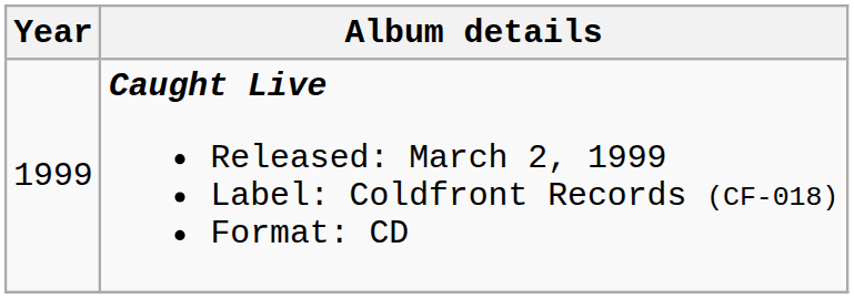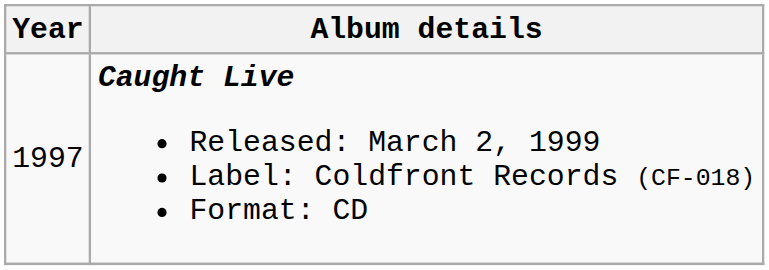 <table class="wikitable">
 <tr>
 <th rowspan="1">Year</th>
 <th rowspan="1">Album details</th>
 </tr>
 <tr>
-<td>1999</td>
+<td>1997</td>
 <td><strong><em>Caught Live</em></strong><br><ul><li>Released: March 2, 1999</li><li>Label: Coldfront Records <small>(CF-018)</small></li><li>Format: CD</li></ul></td>
 </tr>
 <tr>
 </tr>
 </table>
